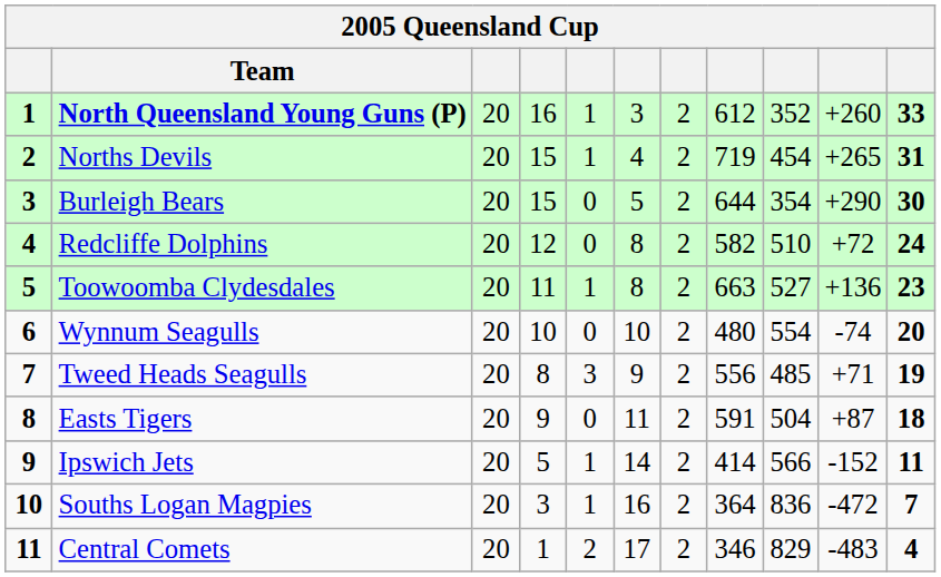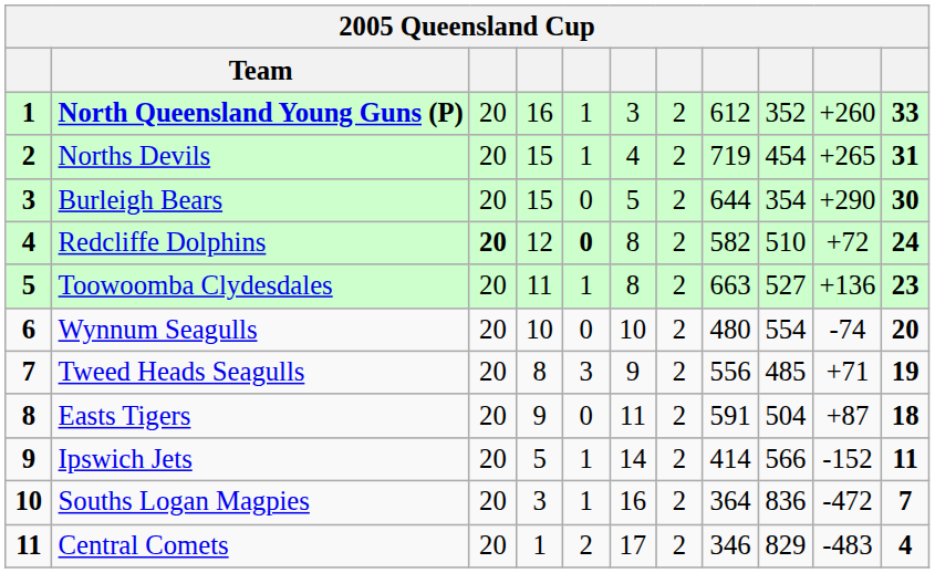 <table class="wikitable" style="text-align:center;">
 <tr>
 <th colspan="11">2005 Queensland Cup</th>
 </tr>
 <tr>
 <th width="20"></th>
 <th>Team</th>
 <th width="20"></th>
 <th width="20"></th>
 <th width="20"></th>
 <th width="20"></th>
 <th width="20"></th>
 <th width="25"></th>
 <th width="25"></th>
 <th width="30"></th>
 <th width="20"></th>
 </tr>
 <tr style="background: #ccffcc;">
 <td><strong>1</strong></td>
 <td style="text-align:left;"> <strong><a href='#'>North Queensland Young Guns</a> (P)</strong></td>
 <td>20</td>
 <td>16</td>
 <td>1</td>
 <td>3</td>
 <td>2</td>
 <td>612</td>
 <td>352</td>
 <td>+260</td>
 <td><strong>33</strong></td>
 </tr>
 <tr style="background: #ccffcc;">
 <td><strong>2</strong></td>
 <td style="text-align:left;"> <a href='#'>Norths Devils</a></td>
 <td>20</td>
 <td>15</td>
 <td>1</td>
 <td>4</td>
 <td>2</td>
 <td>719</td>
 <td>454</td>
 <td>+265</td>
 <td><strong>31</strong></td>
 </tr>
 <tr style="background: #ccffcc;">
 <td><strong>3</strong></td>
 <td style="text-align:left;"> <a href='#'>Burleigh Bears</a></td>
 <td>20</td>
 <td>15</td>
 <td>0</td>
 <td>5</td>
 <td>2</td>
 <td>644</td>
 <td>354</td>
 <td>+290</td>
 <td><strong>30</strong></td>
 </tr>
 <tr style="background: #ccffcc;">
 <td><strong>4</strong></td>
 <td style="text-align:left;"> <a href='#'>Redcliffe Dolphins</a></td>
-<td>20</td>
+<td><strong>20</strong></td>
 <td>12</td>
-<td>0</td>
+<td><strong>0</strong></td>
 <td>8</td>
 <td>2</td>
 <td>582</td>
 <td>510</td>
 <td>+72</td>
 <td><strong>24</strong></td>
 </tr>
 <tr style="background: #ccffcc;">
 <td><strong>5</strong></td>
 <td style="text-align:left;"> <a href='#'>Toowoomba Clydesdales</a></td>
 <td>20</td>
 <td>11</td>
 <td>1</td>
 <td>8</td>
 <td>2</td>
 <td>663</td>
 <td>527</td>
 <td>+136</td>
 <td><strong>23</strong></td>
 </tr>
 <tr style="background:">
 <td><strong>6</strong></td>
 <td style="text-align:left;"> <a href='#'>Wynnum Seagulls</a></td>
 <td>20</td>
 <td>10</td>
 <td>0</td>
 <td>10</td>
 <td>2</td>
 <td>480</td>
 <td>554</td>
 <td>-74</td>
 <td><strong>20</strong></td>
 </tr>
 <tr style="background:">
 <td><strong>7</strong></td>
 <td style="text-align:left;"> <a href='#'>Tweed Heads Seagulls</a></td>
 <td>20</td>
 <td>8</td>
 <td>3</td>
 <td>9</td>
 <td>2</td>
 <td>556</td>
 <td>485</td>
 <td>+71</td>
 <td><strong>19</strong></td>
 </tr>
 <tr style="background:">
 <td><strong>8</strong></td>
 <td style="text-align:left;"> <a href='#'>Easts Tigers</a></td>
 <td>20</td>
 <td>9</td>
 <td>0</td>
 <td>11</td>
 <td>2</td>
 <td>591</td>
 <td>504</td>
 <td>+87</td>
 <td><strong>18</strong></td>
 </tr>
 <tr style="background:">
 <td><strong>9</strong></td>
 <td style="text-align:left;"> <a href='#'>Ipswich Jets</a></td>
 <td>20</td>
 <td>5</td>
 <td>1</td>
 <td>14</td>
 <td>2</td>
 <td>414</td>
 <td>566</td>
 <td>-152</td>
 <td><strong>11</strong></td>
 </tr>
 <tr style="background:">
 <td><strong>10</strong></td>
 <td style="text-align:left;"> <a href='#'>Souths Logan Magpies</a></td>
 <td>20</td>
 <td>3</td>
 <td>1</td>
 <td>16</td>
 <td>2</td>
 <td>364</td>
 <td>836</td>
 <td>-472</td>
 <td><strong>7</strong></td>
 </tr>
 <tr style="background:">
 <td><strong>11</strong></td>
 <td style="text-align:left;"> <a href='#'>Central Comets</a></td>
 <td>20</td>
 <td>1</td>
 <td>2</td>
 <td>17</td>
 <td>2</td>
 <td>346</td>
 <td>829</td>
 <td>-483</td>
 <td><strong>4</strong></td>
 </tr>
 </table>
